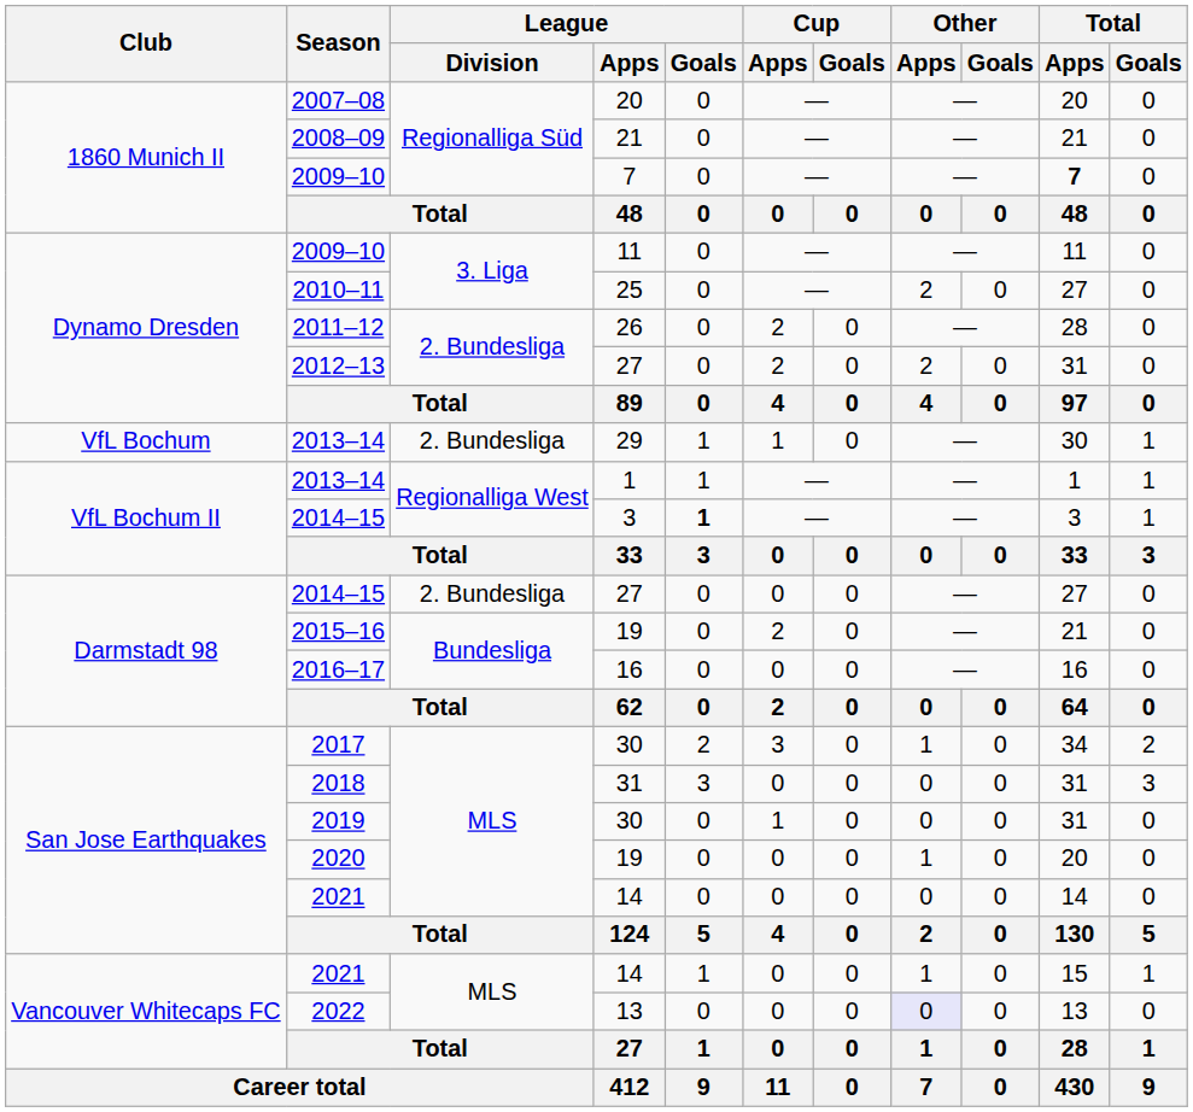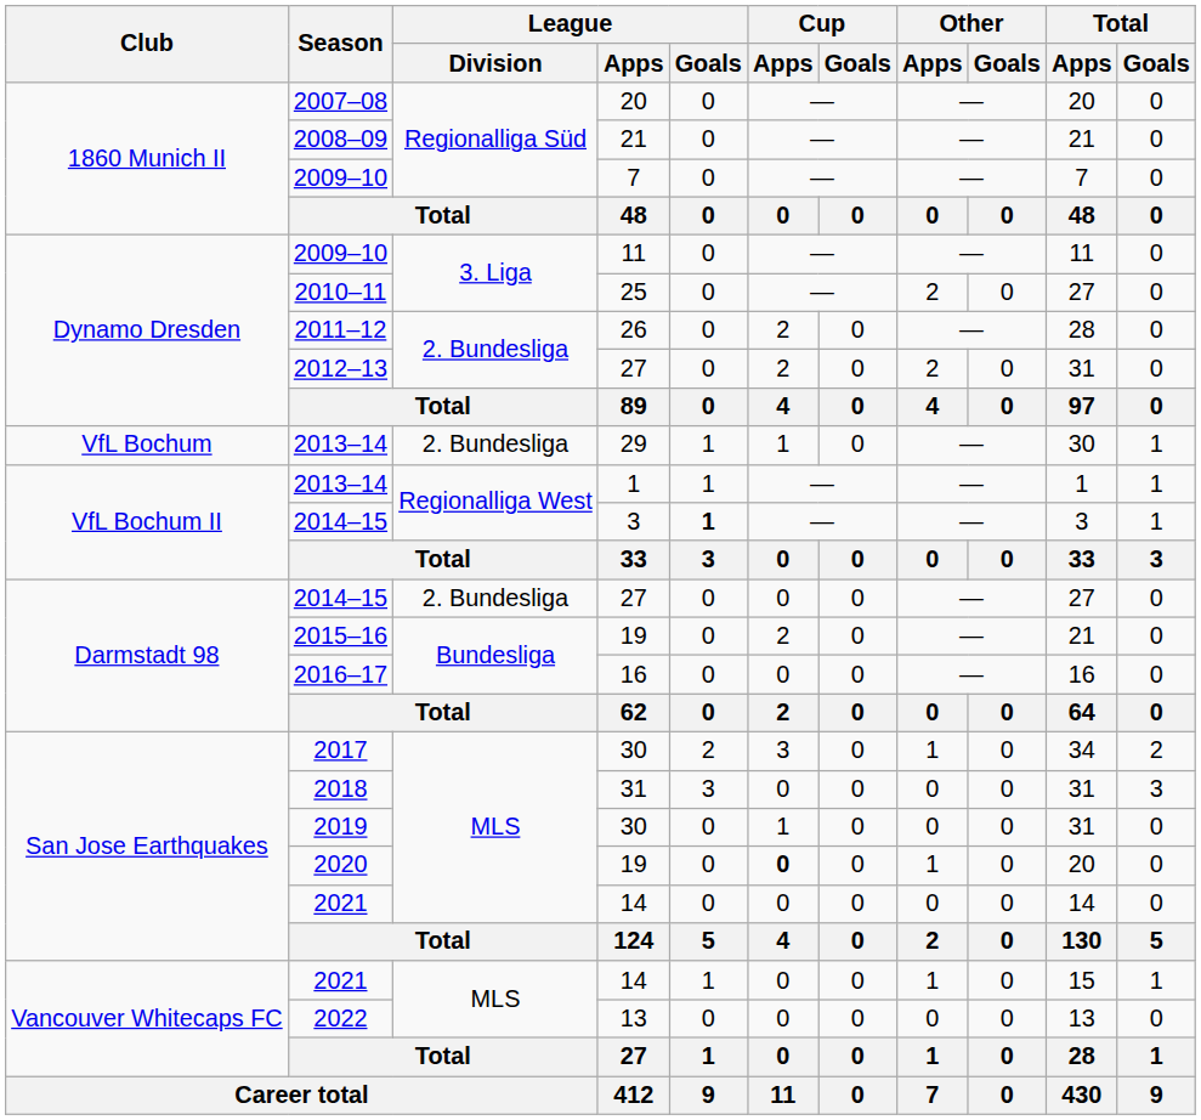 <table class="wikitable" style="text-align:center">
 <tr>
 <th rowspan="2">Club</th>
 <th rowspan="2">Season</th>
 <th colspan="3">League</th>
 <th colspan="2">Cup</th>
 <th colspan="2">Other</th>
 <th colspan="2">Total</th>
 </tr>
 <tr>
 <th>Division</th>
 <th>Apps</th>
 <th>Goals</th>
 <th>Apps</th>
 <th>Goals</th>
 <th>Apps</th>
 <th>Goals</th>
 <th>Apps</th>
 <th>Goals</th>
 </tr>
 <tr>
 <td rowspan="4"><a href='#'>1860 Munich II</a></td>
 <td><a href='#'>2007–08</a></td>
 <td rowspan="3"><a href='#'>Regionalliga Süd</a></td>
 <td>20</td>
 <td>0</td>
 <td colspan="2">—</td>
 <td colspan="2">—</td>
 <td>20</td>
 <td>0</td>
 </tr>
 <tr>
 <td><a href='#'>2008–09</a></td>
 <td>21</td>
 <td>0</td>
 <td colspan="2">—</td>
 <td colspan="2">—</td>
 <td>21</td>
 <td>0</td>
 </tr>
 <tr>
 <td><a href='#'>2009–10</a></td>
 <td>7</td>
 <td>0</td>
 <td colspan="2">—</td>
 <td colspan="2">—</td>
-<td><strong>7</strong></td>
+<td>7</td>
 <td>0</td>
 </tr>
 <tr>
 <th colspan="2">Total</th>
 <th>48</th>
 <th>0</th>
 <th>0</th>
 <th>0</th>
 <th>0</th>
 <th>0</th>
 <th>48</th>
 <th>0</th>
 </tr>
 <tr>
 <td rowspan="5"><a href='#'>Dynamo Dresden</a></td>
 <td><a href='#'>2009–10</a></td>
 <td rowspan="2"><a href='#'>3. Liga</a></td>
 <td>11</td>
 <td>0</td>
 <td colspan="2">—</td>
 <td colspan="2">—</td>
 <td>11</td>
 <td>0</td>
 </tr>
 <tr>
 <td><a href='#'>2010–11</a></td>
 <td>25</td>
 <td>0</td>
 <td colspan="2">—</td>
 <td>2</td>
 <td>0</td>
 <td>27</td>
 <td>0</td>
 </tr>
 <tr>
 <td><a href='#'>2011–12</a></td>
 <td rowspan="2"><a href='#'>2. Bundesliga</a></td>
 <td>26</td>
 <td>0</td>
 <td>2</td>
 <td>0</td>
 <td colspan="2">—</td>
 <td>28</td>
 <td>0</td>
 </tr>
 <tr>
 <td><a href='#'>2012–13</a></td>
 <td>27</td>
 <td>0</td>
 <td>2</td>
 <td>0</td>
 <td>2</td>
 <td>0</td>
 <td>31</td>
 <td>0</td>
 </tr>
 <tr>
 <th colspan="2">Total</th>
 <th>89</th>
 <th>0</th>
 <th>4</th>
 <th>0</th>
 <th>4</th>
 <th>0</th>
 <th>97</th>
 <th>0</th>
 </tr>
 <tr>
 <td><a href='#'>VfL Bochum</a></td>
 <td><a href='#'>2013–14</a></td>
 <td>2. Bundesliga</td>
 <td>29</td>
 <td>1</td>
 <td>1</td>
 <td>0</td>
 <td colspan="2">—</td>
 <td>30</td>
 <td>1</td>
 </tr>
 <tr>
 <td rowspan="3"><a href='#'>VfL Bochum II</a></td>
 <td><a href='#'>2013–14</a></td>
 <td rowspan="2"><a href='#'>Regionalliga West</a></td>
 <td>1</td>
 <td>1</td>
 <td colspan="2">—</td>
 <td colspan="2">—</td>
 <td>1</td>
 <td>1</td>
 </tr>
 <tr>
 <td><a href='#'>2014–15</a></td>
 <td>3</td>
 <td><strong>1</strong></td>
 <td colspan="2">—</td>
 <td colspan="2">—</td>
 <td>3</td>
 <td>1</td>
 </tr>
 <tr>
 <th colspan="2">Total</th>
 <th>33</th>
 <th>3</th>
 <th>0</th>
 <th>0</th>
 <th>0</th>
 <th>0</th>
 <th>33</th>
 <th>3</th>
 </tr>
 <tr>
 <td rowspan="4"><a href='#'>Darmstadt 98</a></td>
 <td><a href='#'>2014–15</a></td>
 <td>2. Bundesliga</td>
 <td>27</td>
 <td>0</td>
 <td>0</td>
 <td>0</td>
 <td colspan="2">—</td>
 <td>27</td>
 <td>0</td>
 </tr>
 <tr>
 <td><a href='#'>2015–16</a></td>
 <td rowspan="2"><a href='#'>Bundesliga</a></td>
 <td>19</td>
 <td>0</td>
 <td>2</td>
 <td>0</td>
 <td colspan="2">—</td>
 <td>21</td>
 <td>0</td>
 </tr>
 <tr>
 <td><a href='#'>2016–17</a></td>
 <td>16</td>
 <td>0</td>
 <td>0</td>
 <td>0</td>
 <td colspan="2">—</td>
 <td>16</td>
 <td>0</td>
 </tr>
 <tr>
 <th colspan="2">Total</th>
 <th>62</th>
 <th>0</th>
 <th>2</th>
 <th>0</th>
 <th>0</th>
 <th>0</th>
 <th>64</th>
 <th>0</th>
 </tr>
 <tr>
 <td rowspan="6"><a href='#'>San Jose Earthquakes</a></td>
 <td><a href='#'>2017</a></td>
 <td rowspan="5"><a href='#'>MLS</a></td>
 <td>30</td>
 <td>2</td>
 <td>3</td>
 <td>0</td>
 <td>1</td>
 <td>0</td>
 <td>34</td>
 <td>2</td>
 </tr>
 <tr>
 <td><a href='#'>2018</a></td>
 <td>31</td>
 <td>3</td>
 <td>0</td>
 <td>0</td>
 <td>0</td>
 <td>0</td>
 <td>31</td>
 <td>3</td>
 </tr>
 <tr>
 <td><a href='#'>2019</a></td>
 <td>30</td>
 <td>0</td>
 <td>1</td>
 <td>0</td>
 <td>0</td>
 <td>0</td>
 <td>31</td>
 <td>0</td>
 </tr>
 <tr>
 <td><a href='#'>2020</a></td>
 <td>19</td>
 <td>0</td>
-<td>0</td>
+<td><strong>0</strong></td>
 <td>0</td>
 <td>1</td>
 <td>0</td>
 <td>20</td>
 <td>0</td>
 </tr>
 <tr>
 <td><a href='#'>2021</a></td>
 <td>14</td>
 <td>0</td>
 <td>0</td>
 <td>0</td>
 <td>0</td>
 <td>0</td>
 <td>14</td>
 <td>0</td>
 </tr>
 <tr>
 <th colspan="2">Total</th>
 <th>124</th>
 <th>5</th>
 <th>4</th>
 <th>0</th>
 <th>2</th>
 <th>0</th>
 <th>130</th>
 <th>5</th>
 </tr>
 <tr>
 <td rowspan="3"><a href='#'>Vancouver Whitecaps FC</a></td>
 <td><a href='#'>2021</a></td>
 <td rowspan="2">MLS</td>
 <td>14</td>
 <td>1</td>
 <td>0</td>
 <td>0</td>
 <td>1</td>
 <td>0</td>
 <td>15</td>
 <td>1</td>
 </tr>
 <tr>
 <td><a href='#'>2022</a></td>
 <td>13</td>
 <td>0</td>
 <td>0</td>
 <td>0</td>
-<td style="background: lavender;">0</td>
+<td>0</td>
 <td>0</td>
 <td>13</td>
 <td>0</td>
 </tr>
 <tr>
 <th colspan="2">Total</th>
 <th>27</th>
 <th>1</th>
 <th>0</th>
 <th>0</th>
 <th>1</th>
 <th>0</th>
 <th>28</th>
 <th>1</th>
 </tr>
 <tr>
 <th colspan="3">Career total</th>
 <th>412</th>
 <th>9</th>
 <th>11</th>
 <th>0</th>
 <th>7</th>
 <th>0</th>
 <th>430</th>
 <th>9</th>
 </tr>
 </table>
